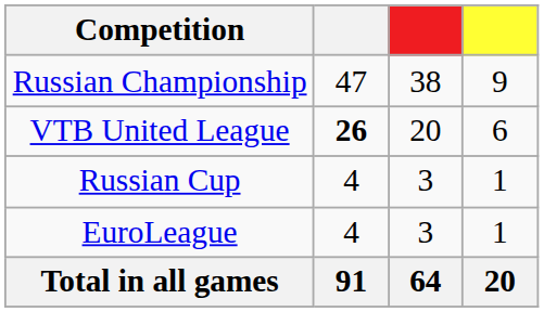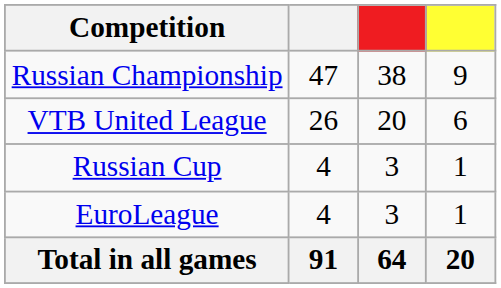 <table class="wikitable sortable" style="text-align:center">
 <tr>
 <th>Competition</th>
 <th width=30></th>
 <th width=30 style="color:#000080; background-color:#EF1C21;"></th>
 <th width=30 style="color:#000080; background-color:#ffff33;"></th>
 </tr>
 <tr>
 <td><a href='#'>Russian Championship</a></td>
 <td>47</td>
 <td>38</td>
 <td>9</td>
 </tr>
 <tr>
 <td><a href='#'>VTB United League</a></td>
-<td><strong>26</strong></td>
+<td>26</td>
 <td>20</td>
 <td>6</td>
 </tr>
 <tr>
 <td><a href='#'>Russian Cup</a></td>
 <td>4</td>
 <td>3</td>
 <td>1</td>
 </tr>
 <tr>
 <td><a href='#'>EuroLeague</a></td>
 <td>4</td>
 <td>3</td>
 <td>1</td>
 </tr>
 <tr class="sortbotttom">
 <th>Total in all games</th>
 <th>91</th>
 <th>64</th>
 <th>20</th>
 </tr>
 </table>
